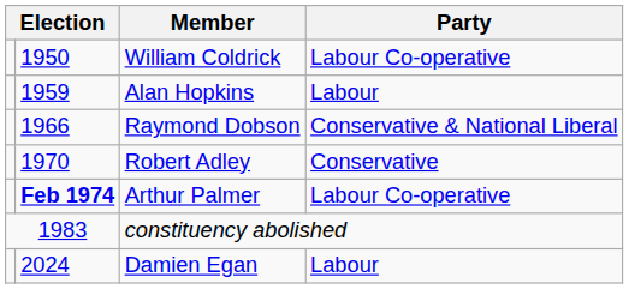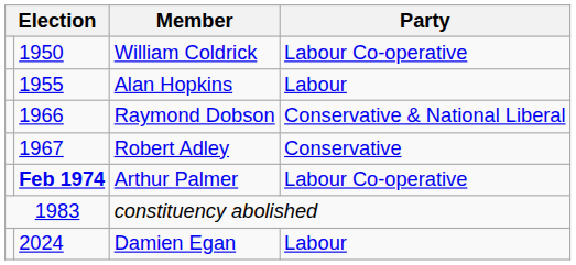 <table class="wikitable">
 <tr>
 <th colspan="2">Election</th>
 <th>Member</th>
 <th>Party</th>
 </tr>
 <tr>
 <td style="color:inherit;background-color: "></td>
 <td><a href='#'>1950</a></td>
 <td><a href='#'>William Coldrick</a></td>
 <td><a href='#'>Labour Co-operative</a></td>
 </tr>
 <tr>
 <td style="color:inherit;background-color: "></td>
-<td><a href='#'>1959</a></td>
+<td><a href='#'>1955</a></td>
 <td><a href='#'>Alan Hopkins</a></td>
 <td><a href='#'>Labour</a></td>
 </tr>
 <tr>
 <td style="color:inherit;background-color: "></td>
 <td><a href='#'>1966</a></td>
 <td><a href='#'>Raymond Dobson</a></td>
 <td><a href='#'>Conservative & National Liberal</a></td>
 </tr>
 <tr>
 <td style="color:inherit;background-color: "></td>
-<td><a href='#'>1970</a></td>
+<td><a href='#'>1967</a></td>
 <td><a href='#'>Robert Adley</a></td>
 <td><a href='#'>Conservative</a></td>
 </tr>
 <tr>
 <td style="color:inherit;background-color: "></td>
 <td><strong><a href='#'>Feb 1974</a></strong></td>
 <td><a href='#'>Arthur Palmer</a></td>
 <td><a href='#'>Labour Co-operative</a></td>
 </tr>
 <tr>
 <td colspan="2" align="center"><a href='#'>1983</a></td>
 <td colspan="2"><em>constituency abolished</em></td>
 </tr>
 <tr>
 <td style="color:inherit;background-color: "></td>
 <td><a href='#'>2024</a></td>
 <td><a href='#'>Damien Egan</a></td>
 <td><a href='#'>Labour</a></td>
 </tr>
 </table>
